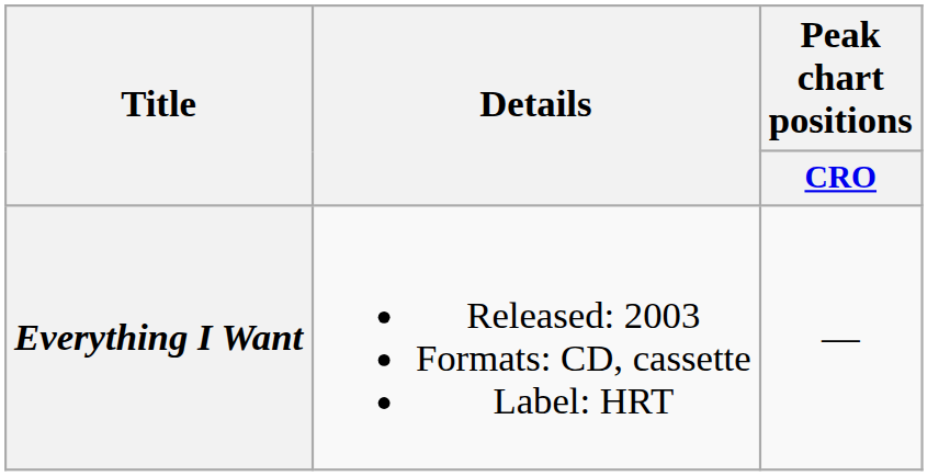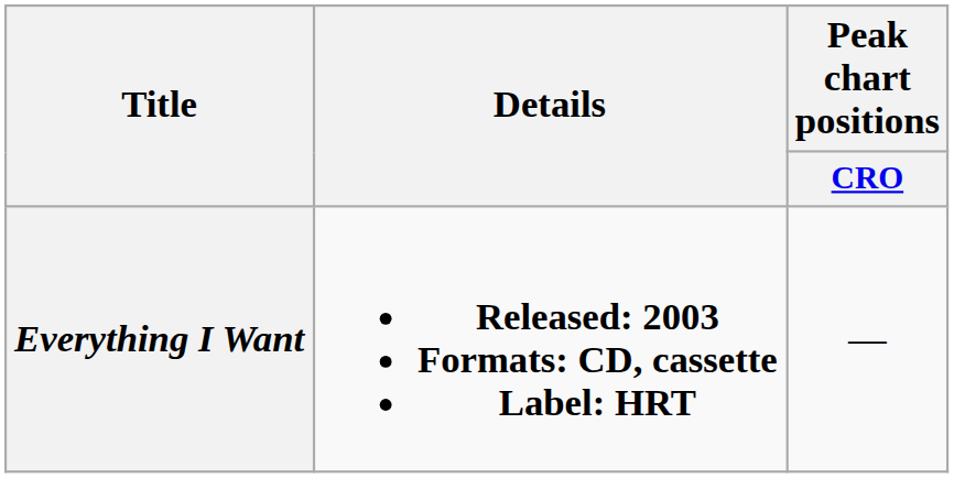 <table class="wikitable plainrowheaders" style="text-align:center;">
 <tr>
 <th scope="col" rowspan="2">Title</th>
 <th scope="col" rowspan="2">Details</th>
 <th scope="col" colspan="1">Peak chart positions</th>
 </tr>
 <tr>
 <th scope="col" style="width:3em;font-size:85%;"><a href='#'>CRO</a><br></th>
 </tr>
 <tr>
 <th scope="row"><em>Everything I Want</em></th>
-<td><br><ul><li>Released: 2003</li><li>Formats: CD, cassette</li><li>Label: HRT</li></ul></td>
+<td><strong><br><ul><li>Released: 2003</li><li>Formats: CD, cassette</li><li>Label: HRT</li></ul></strong></td>
 <td>—</td>
 </tr>
 </table>
